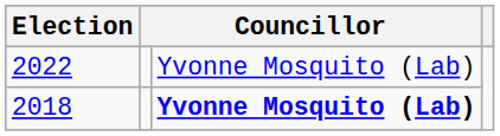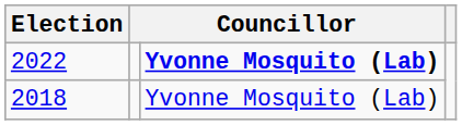 <table class="wikitable">
 <tr>
 <th>Election</th>
 <th colspan="2">Councillor</th>
 <th colspan="2"></th>
 </tr>
 <tr>
 <td><a href='#'>2022</a></td>
 <td style="background-color: "></td>
-<td bgcolor=><a href='#'>Yvonne Mosquito</a> (<a href='#'>Lab</a>)</td>
+<td bgcolor=><strong><a href='#'>Yvonne Mosquito</a> (<a href='#'>Lab</a>)</strong></td>
 </tr>
 <tr>
 <td><a href='#'>2018</a></td>
 <td style="background-color: "></td>
-<td bgcolor=><strong><a href='#'>Yvonne Mosquito</a> (<a href='#'>Lab</a>)</strong></td>
+<td bgcolor=><a href='#'>Yvonne Mosquito</a> (<a href='#'>Lab</a>)</td>
 </tr>
 </table>
